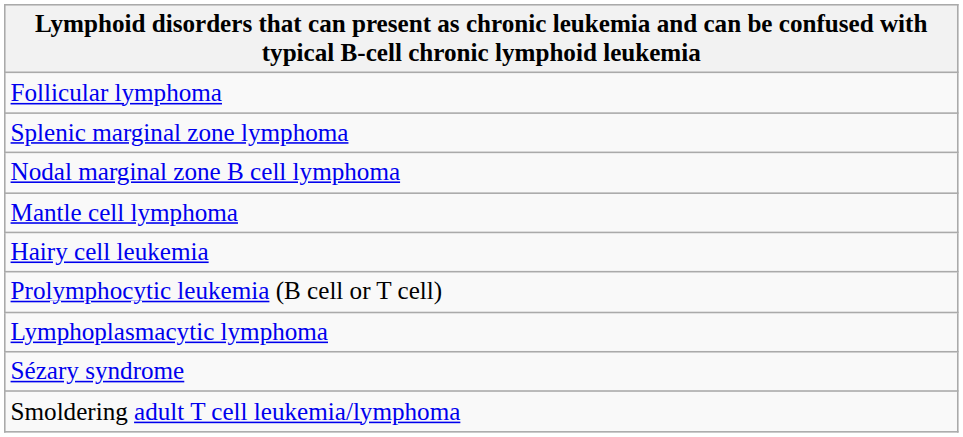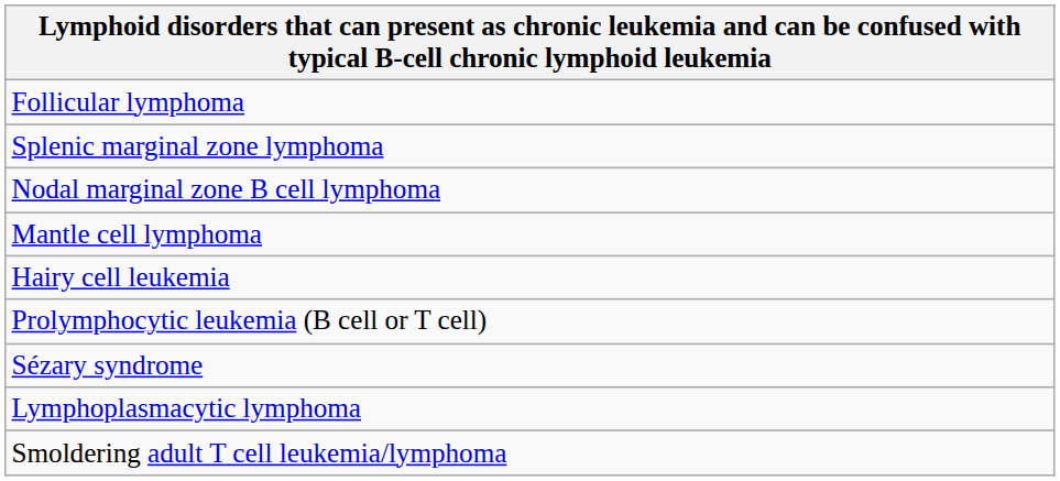 <table class="wikitable">
 <tr>
 <th>Lymphoid disorders that can present as chronic leukemia and can be confused with typical B-cell chronic lymphoid leukemia</th>
 </tr>
 <tr>
 <td><a href='#'>Follicular lymphoma</a></td>
 </tr>
 <tr>
 <td><a href='#'>Splenic marginal zone lymphoma</a></td>
 </tr>
 <tr>
 <td><a href='#'>Nodal marginal zone B cell lymphoma</a></td>
 </tr>
 <tr>
 <td><a href='#'>Mantle cell lymphoma</a></td>
 </tr>
 <tr>
 <td><a href='#'>Hairy cell leukemia</a></td>
 </tr>
 <tr>
 <td><a href='#'>Prolymphocytic leukemia</a> (B cell or T cell)</td>
 </tr>
 <tr>
-<td><a href='#'>Lymphoplasmacytic lymphoma</a></td>
+<td><a href='#'>Sézary syndrome</a></td>
 </tr>
 <tr>
-<td><a href='#'>Sézary syndrome</a></td>
+<td><a href='#'>Lymphoplasmacytic lymphoma</a></td>
 </tr>
 <tr>
 <td>Smoldering <a href='#'>adult T cell leukemia/lymphoma</a></td>
 </tr>
 </table>
